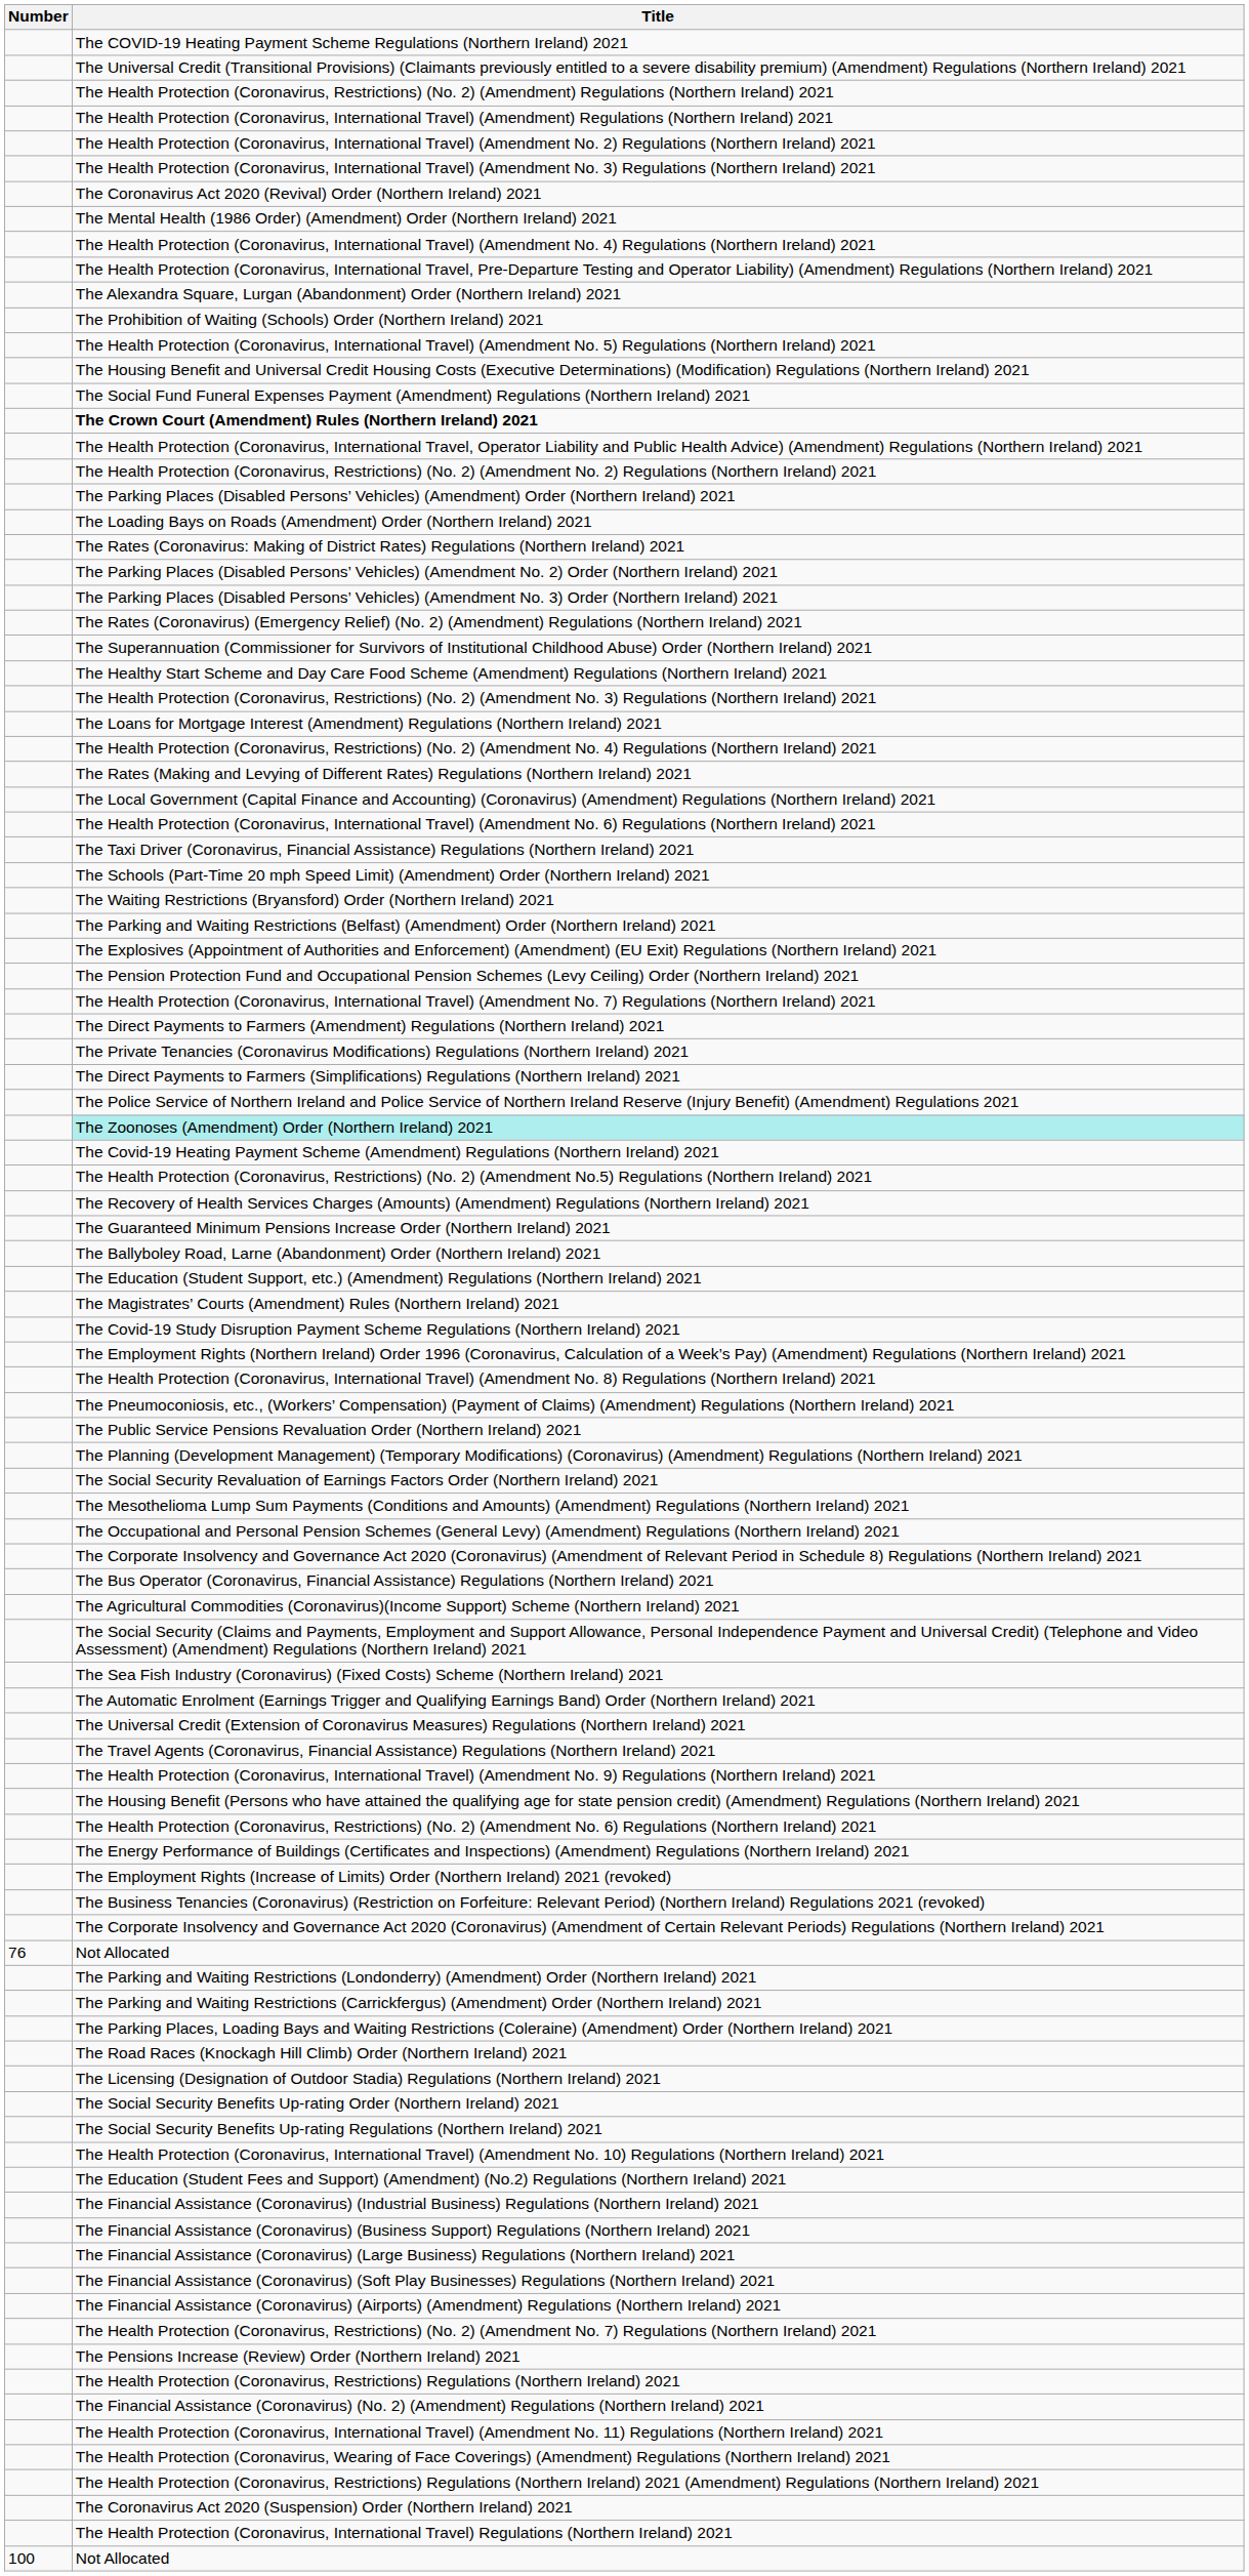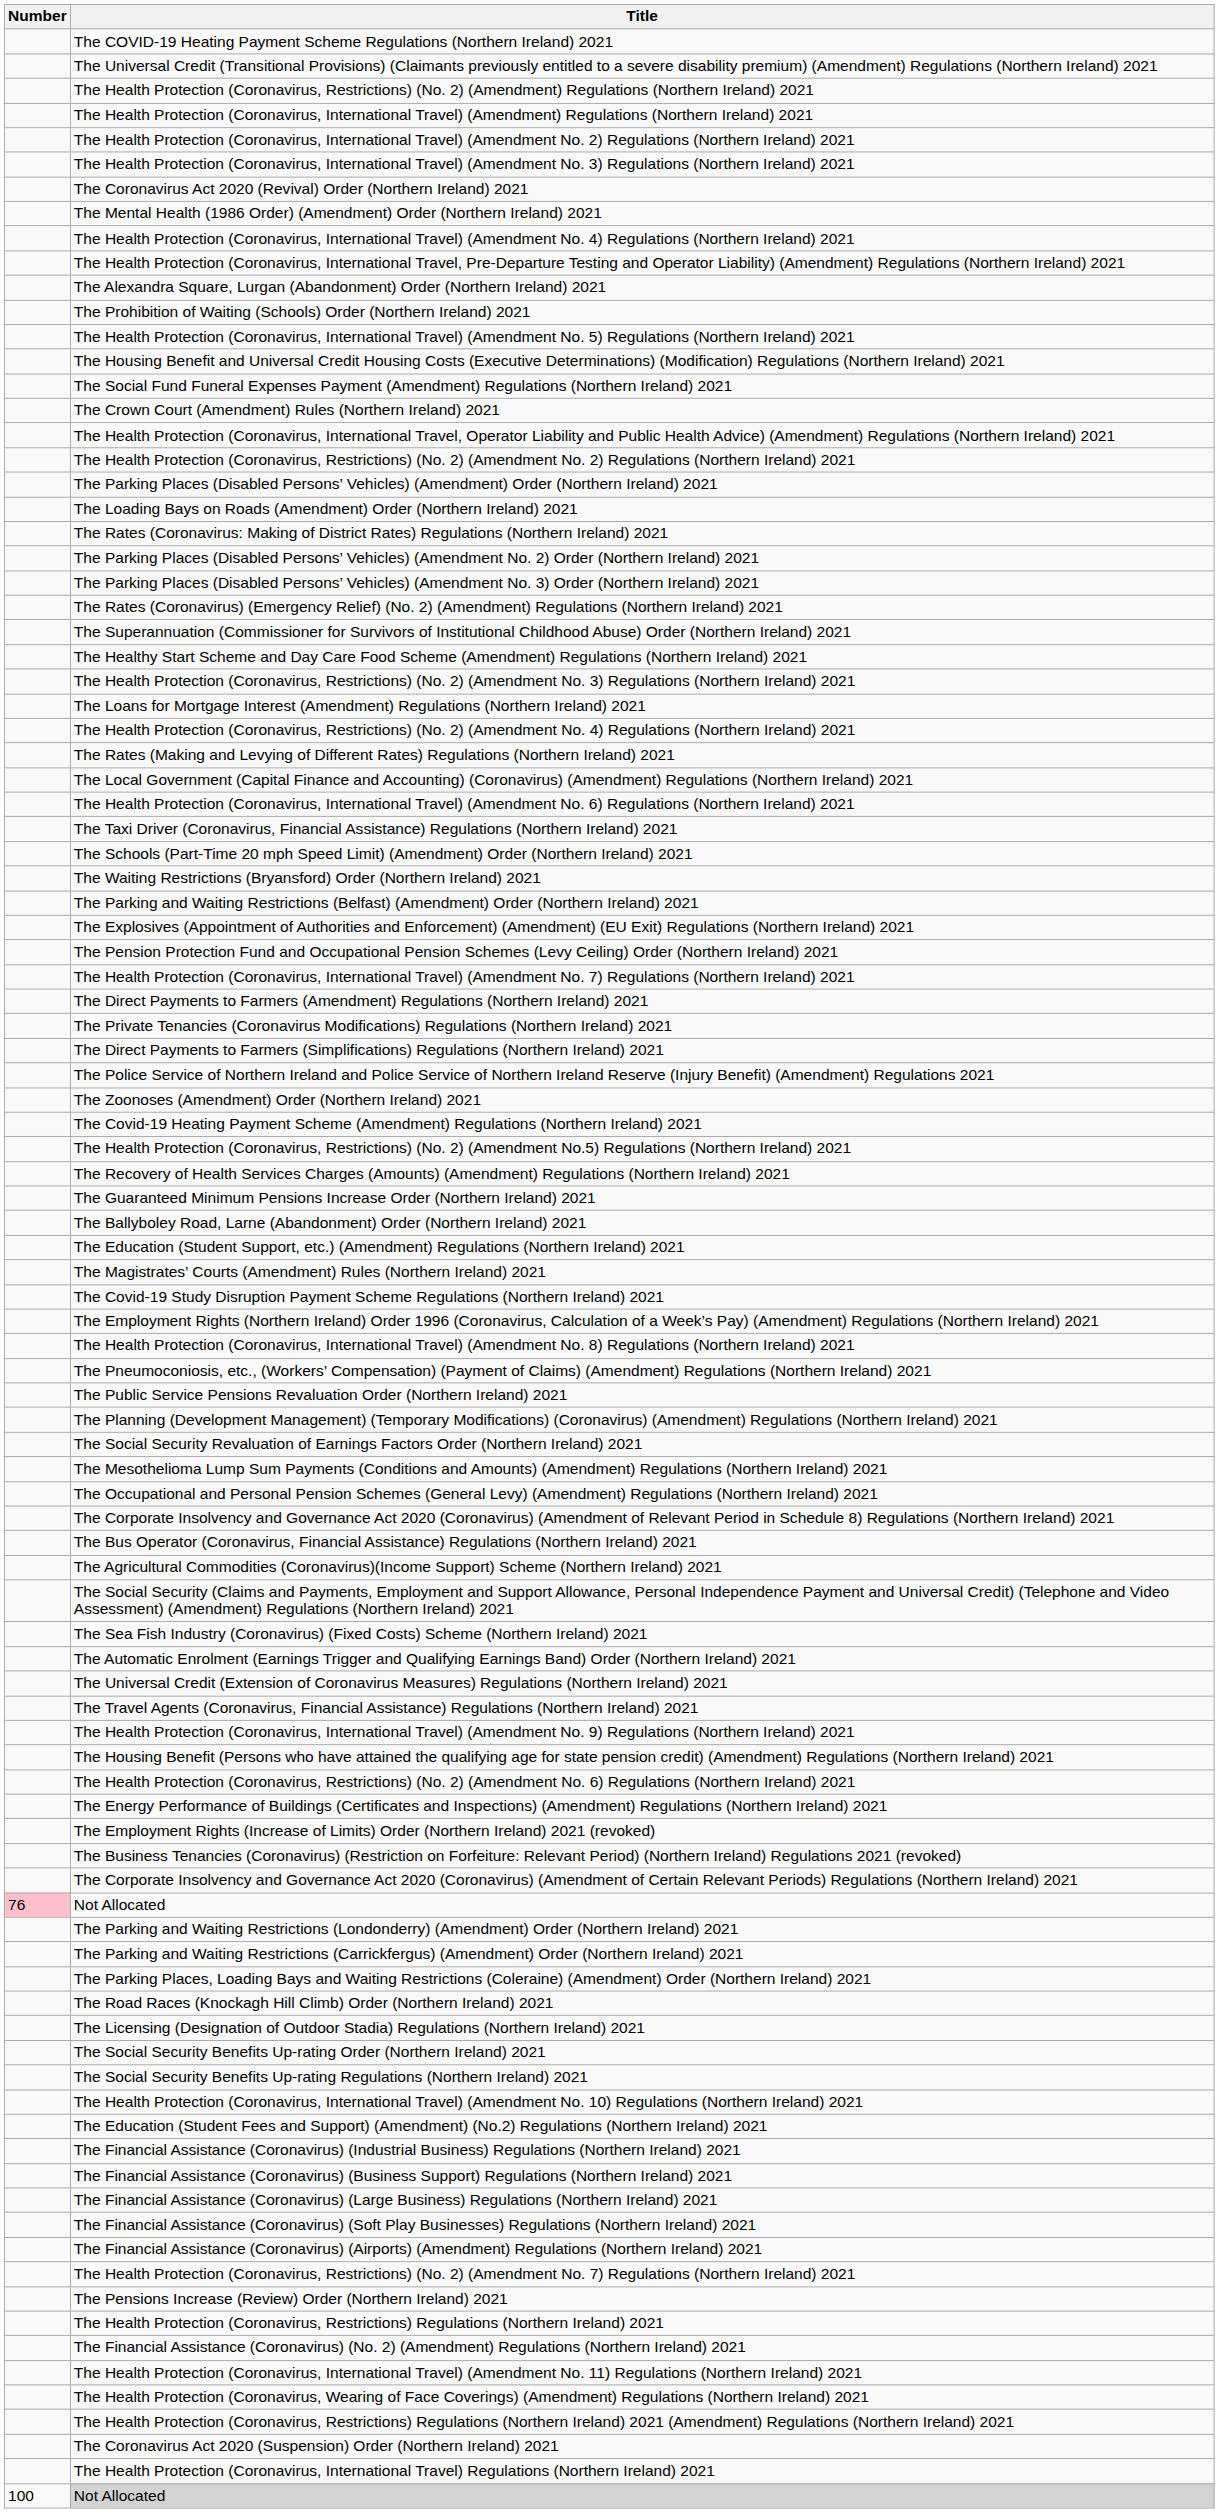 <table class="wikitable collapsible">
 <tr>
 <th>Number</th>
 <th>Title</th>
 </tr>
 <tr>
 <td></td>
 <td>The COVID-19 Heating Payment Scheme Regulations (Northern Ireland) 2021</td>
 </tr>
 <tr>
 <td></td>
 <td>The Universal Credit (Transitional Provisions) (Claimants previously entitled to a severe disability premium) (Amendment) Regulations (Northern Ireland) 2021</td>
 </tr>
 <tr>
 <td></td>
 <td>The Health Protection (Coronavirus, Restrictions) (No. 2) (Amendment) Regulations (Northern Ireland) 2021</td>
 </tr>
 <tr>
 <td></td>
 <td>The Health Protection (Coronavirus, International Travel) (Amendment) Regulations (Northern Ireland) 2021</td>
 </tr>
 <tr>
 <td></td>
 <td>The Health Protection (Coronavirus, International Travel) (Amendment No. 2) Regulations (Northern Ireland) 2021</td>
 </tr>
 <tr>
 <td></td>
 <td>The Health Protection (Coronavirus, International Travel) (Amendment No. 3) Regulations (Northern Ireland) 2021</td>
 </tr>
 <tr>
 <td></td>
 <td>The Coronavirus Act 2020 (Revival) Order (Northern Ireland) 2021</td>
 </tr>
 <tr>
 <td></td>
 <td>The Mental Health (1986 Order) (Amendment) Order (Northern Ireland) 2021</td>
 </tr>
 <tr>
 <td></td>
 <td>The Health Protection (Coronavirus, International Travel) (Amendment No. 4) Regulations (Northern Ireland) 2021</td>
 </tr>
 <tr>
 <td></td>
 <td>The Health Protection (Coronavirus, International Travel, Pre-Departure Testing and Operator Liability) (Amendment) Regulations (Northern Ireland) 2021</td>
 </tr>
 <tr>
 <td></td>
 <td>The Alexandra Square, Lurgan (Abandonment) Order (Northern Ireland) 2021</td>
 </tr>
 <tr>
 <td></td>
 <td>The Prohibition of Waiting (Schools) Order (Northern Ireland) 2021</td>
 </tr>
 <tr>
 <td></td>
 <td>The Health Protection (Coronavirus, International Travel) (Amendment No. 5) Regulations (Northern Ireland) 2021</td>
 </tr>
 <tr>
 <td></td>
 <td>The Housing Benefit and Universal Credit Housing Costs (Executive Determinations) (Modification) Regulations (Northern Ireland) 2021</td>
 </tr>
 <tr>
 <td></td>
 <td>The Social Fund Funeral Expenses Payment (Amendment) Regulations (Northern Ireland) 2021</td>
 </tr>
 <tr>
 <td></td>
-<td><strong>The Crown Court (Amendment) Rules (Northern Ireland) 2021</strong></td>
+<td>The Crown Court (Amendment) Rules (Northern Ireland) 2021</td>
 </tr>
 <tr>
 <td></td>
 <td>The Health Protection (Coronavirus, International Travel, Operator Liability and Public Health Advice) (Amendment) Regulations (Northern Ireland) 2021</td>
 </tr>
 <tr>
 <td></td>
 <td>The Health Protection (Coronavirus, Restrictions) (No. 2) (Amendment No. 2) Regulations (Northern Ireland) 2021</td>
 </tr>
 <tr>
 <td></td>
 <td>The Parking Places (Disabled Persons’ Vehicles) (Amendment) Order (Northern Ireland) 2021</td>
 </tr>
 <tr>
 <td></td>
 <td>The Loading Bays on Roads (Amendment) Order (Northern Ireland) 2021</td>
 </tr>
 <tr>
 <td></td>
 <td>The Rates (Coronavirus: Making of District Rates) Regulations (Northern Ireland) 2021</td>
 </tr>
 <tr>
 <td></td>
 <td>The Parking Places (Disabled Persons’ Vehicles) (Amendment No. 2) Order (Northern Ireland) 2021</td>
 </tr>
 <tr>
 <td></td>
 <td>The Parking Places (Disabled Persons’ Vehicles) (Amendment No. 3) Order (Northern Ireland) 2021</td>
 </tr>
 <tr>
 <td></td>
 <td>The Rates (Coronavirus) (Emergency Relief) (No. 2) (Amendment) Regulations (Northern Ireland) 2021</td>
 </tr>
 <tr>
 <td></td>
 <td>The Superannuation (Commissioner for Survivors of Institutional Childhood Abuse) Order (Northern Ireland) 2021</td>
 </tr>
 <tr>
 <td></td>
 <td>The Healthy Start Scheme and Day Care Food Scheme (Amendment) Regulations (Northern Ireland) 2021</td>
 </tr>
 <tr>
 <td></td>
 <td>The Health Protection (Coronavirus, Restrictions) (No. 2) (Amendment No. 3) Regulations (Northern Ireland) 2021</td>
 </tr>
 <tr>
 <td></td>
 <td>The Loans for Mortgage Interest (Amendment) Regulations (Northern Ireland) 2021</td>
 </tr>
 <tr>
 <td></td>
 <td>The Health Protection (Coronavirus, Restrictions) (No. 2) (Amendment No. 4) Regulations (Northern Ireland) 2021</td>
 </tr>
 <tr>
 <td></td>
 <td>The Rates (Making and Levying of Different Rates) Regulations (Northern Ireland) 2021</td>
 </tr>
 <tr>
 <td></td>
 <td>The Local Government (Capital Finance and Accounting) (Coronavirus) (Amendment) Regulations (Northern Ireland) 2021</td>
 </tr>
 <tr>
 <td></td>
 <td>The Health Protection (Coronavirus, International Travel) (Amendment No. 6) Regulations (Northern Ireland) 2021</td>
 </tr>
 <tr>
 <td></td>
 <td>The Taxi Driver (Coronavirus, Financial Assistance) Regulations (Northern Ireland) 2021</td>
 </tr>
 <tr>
 <td></td>
 <td>The Schools (Part-Time 20 mph Speed Limit) (Amendment) Order (Northern Ireland) 2021</td>
 </tr>
 <tr>
 <td></td>
 <td>The Waiting Restrictions (Bryansford) Order (Northern Ireland) 2021</td>
 </tr>
 <tr>
 <td></td>
 <td>The Parking and Waiting Restrictions (Belfast) (Amendment) Order (Northern Ireland) 2021</td>
 </tr>
 <tr>
 <td></td>
 <td>The Explosives (Appointment of Authorities and Enforcement) (Amendment) (EU Exit) Regulations (Northern Ireland) 2021</td>
 </tr>
 <tr>
 <td></td>
 <td>The Pension Protection Fund and Occupational Pension Schemes (Levy Ceiling) Order (Northern Ireland) 2021</td>
 </tr>
 <tr>
 <td></td>
 <td>The Health Protection (Coronavirus, International Travel) (Amendment No. 7) Regulations (Northern Ireland) 2021</td>
 </tr>
 <tr>
 <td></td>
 <td>The Direct Payments to Farmers (Amendment) Regulations (Northern Ireland) 2021</td>
 </tr>
 <tr>
 <td></td>
 <td>The Private Tenancies (Coronavirus Modifications) Regulations (Northern Ireland) 2021</td>
 </tr>
 <tr>
 <td></td>
 <td>The Direct Payments to Farmers (Simplifications) Regulations (Northern Ireland) 2021</td>
 </tr>
 <tr>
 <td></td>
 <td>The Police Service of Northern Ireland and Police Service of Northern Ireland Reserve (Injury Benefit) (Amendment) Regulations 2021</td>
 </tr>
 <tr>
 <td></td>
-<td style="background: paleturquoise;">The Zoonoses (Amendment) Order (Northern Ireland) 2021</td>
+<td>The Zoonoses (Amendment) Order (Northern Ireland) 2021</td>
 </tr>
 <tr>
 <td></td>
 <td>The Covid-19 Heating Payment Scheme (Amendment) Regulations (Northern Ireland) 2021</td>
 </tr>
 <tr>
 <td></td>
 <td>The Health Protection (Coronavirus, Restrictions) (No. 2) (Amendment No.5) Regulations (Northern Ireland) 2021</td>
 </tr>
 <tr>
 <td></td>
 <td>The Recovery of Health Services Charges (Amounts) (Amendment) Regulations (Northern Ireland) 2021</td>
 </tr>
 <tr>
 <td></td>
 <td>The Guaranteed Minimum Pensions Increase Order (Northern Ireland) 2021</td>
 </tr>
 <tr>
 <td></td>
 <td>The Ballyboley Road, Larne (Abandonment) Order (Northern Ireland) 2021</td>
 </tr>
 <tr>
 <td></td>
 <td>The Education (Student Support, etc.) (Amendment) Regulations (Northern Ireland) 2021</td>
 </tr>
 <tr>
 <td></td>
 <td>The Magistrates’ Courts (Amendment) Rules (Northern Ireland) 2021</td>
 </tr>
 <tr>
 <td></td>
 <td>The Covid-19 Study Disruption Payment Scheme Regulations (Northern Ireland) 2021</td>
 </tr>
 <tr>
 <td></td>
 <td>The Employment Rights (Northern Ireland) Order 1996 (Coronavirus, Calculation of a Week’s Pay) (Amendment) Regulations (Northern Ireland) 2021</td>
 </tr>
 <tr>
 <td></td>
 <td>The Health Protection (Coronavirus, International Travel) (Amendment No. 8) Regulations (Northern Ireland) 2021</td>
 </tr>
 <tr>
 <td></td>
 <td>The Pneumoconiosis, etc., (Workers’ Compensation) (Payment of Claims) (Amendment) Regulations (Northern Ireland) 2021</td>
 </tr>
 <tr>
 <td></td>
 <td>The Public Service Pensions Revaluation Order (Northern Ireland) 2021</td>
 </tr>
 <tr>
 <td></td>
 <td>The Planning (Development Management) (Temporary Modifications) (Coronavirus) (Amendment) Regulations (Northern Ireland) 2021</td>
 </tr>
 <tr>
 <td></td>
 <td>The Social Security Revaluation of Earnings Factors Order (Northern Ireland) 2021</td>
 </tr>
 <tr>
 <td></td>
 <td>The Mesothelioma Lump Sum Payments (Conditions and Amounts) (Amendment) Regulations (Northern Ireland) 2021</td>
 </tr>
 <tr>
 <td></td>
 <td>The Occupational and Personal Pension Schemes (General Levy) (Amendment) Regulations (Northern Ireland) 2021</td>
 </tr>
 <tr>
 <td></td>
 <td>The Corporate Insolvency and Governance Act 2020 (Coronavirus) (Amendment of Relevant Period in Schedule 8) Regulations (Northern Ireland) 2021</td>
 </tr>
 <tr>
 <td></td>
 <td>The Bus Operator (Coronavirus, Financial Assistance) Regulations (Northern Ireland) 2021</td>
 </tr>
 <tr>
 <td></td>
 <td>The Agricultural Commodities (Coronavirus)(Income Support) Scheme (Northern Ireland) 2021</td>
 </tr>
 <tr>
 <td></td>
 <td>The Social Security (Claims and Payments, Employment and Support Allowance, Personal Independence Payment and Universal Credit) (Telephone and Video Assessment) (Amendment) Regulations (Northern Ireland) 2021</td>
 </tr>
 <tr>
 <td></td>
 <td>The Sea Fish Industry (Coronavirus) (Fixed Costs) Scheme (Northern Ireland) 2021</td>
 </tr>
 <tr>
 <td></td>
 <td>The Automatic Enrolment (Earnings Trigger and Qualifying Earnings Band) Order (Northern Ireland) 2021</td>
 </tr>
 <tr>
 <td></td>
 <td>The Universal Credit (Extension of Coronavirus Measures) Regulations (Northern Ireland) 2021</td>
 </tr>
 <tr>
 <td></td>
 <td>The Travel Agents (Coronavirus, Financial Assistance) Regulations (Northern Ireland) 2021</td>
 </tr>
 <tr>
 <td></td>
 <td>The Health Protection (Coronavirus, International Travel) (Amendment No. 9) Regulations (Northern Ireland) 2021</td>
 </tr>
 <tr>
 <td></td>
 <td>The Housing Benefit (Persons who have attained the qualifying age for state pension credit) (Amendment) Regulations (Northern Ireland) 2021</td>
 </tr>
 <tr>
 <td></td>
 <td>The Health Protection (Coronavirus, Restrictions) (No. 2) (Amendment No. 6) Regulations (Northern Ireland) 2021</td>
 </tr>
 <tr>
 <td></td>
 <td>The Energy Performance of Buildings (Certificates and Inspections) (Amendment) Regulations (Northern Ireland) 2021</td>
 </tr>
 <tr>
 <td></td>
 <td>The Employment Rights (Increase of Limits) Order (Northern Ireland) 2021 (revoked)</td>
 </tr>
 <tr>
 <td></td>
 <td>The Business Tenancies (Coronavirus) (Restriction on Forfeiture: Relevant Period) (Northern Ireland) Regulations 2021 (revoked)</td>
 </tr>
 <tr>
 <td></td>
 <td>The Corporate Insolvency and Governance Act 2020 (Coronavirus) (Amendment of Certain Relevant Periods) Regulations (Northern Ireland) 2021</td>
 </tr>
 <tr>
-<td>76</td>
+<td style="background: pink;">76</td>
 <td>Not Allocated</td>
 </tr>
 <tr>
 <td></td>
 <td>The Parking and Waiting Restrictions (Londonderry) (Amendment) Order (Northern Ireland) 2021</td>
 </tr>
 <tr>
 <td></td>
 <td>The Parking and Waiting Restrictions (Carrickfergus) (Amendment) Order (Northern Ireland) 2021</td>
 </tr>
 <tr>
 <td></td>
 <td>The Parking Places, Loading Bays and Waiting Restrictions (Coleraine) (Amendment) Order (Northern Ireland) 2021</td>
 </tr>
 <tr>
 <td></td>
 <td>The Road Races (Knockagh Hill Climb) Order (Northern Ireland) 2021</td>
 </tr>
 <tr>
 <td></td>
 <td>The Licensing (Designation of Outdoor Stadia) Regulations (Northern Ireland) 2021</td>
 </tr>
 <tr>
 <td></td>
 <td>The Social Security Benefits Up-rating Order (Northern Ireland) 2021</td>
 </tr>
 <tr>
 <td></td>
 <td>The Social Security Benefits Up-rating Regulations (Northern Ireland) 2021</td>
 </tr>
 <tr>
 <td></td>
 <td>The Health Protection (Coronavirus, International Travel) (Amendment No. 10) Regulations (Northern Ireland) 2021</td>
 </tr>
 <tr>
 <td></td>
 <td>The Education (Student Fees and Support) (Amendment) (No.2) Regulations (Northern Ireland) 2021</td>
 </tr>
 <tr>
 <td></td>
 <td>The Financial Assistance (Coronavirus) (Industrial Business) Regulations (Northern Ireland) 2021</td>
 </tr>
 <tr>
 <td></td>
 <td>The Financial Assistance (Coronavirus) (Business Support) Regulations (Northern Ireland) 2021</td>
 </tr>
 <tr>
 <td></td>
 <td>The Financial Assistance (Coronavirus) (Large Business) Regulations (Northern Ireland) 2021</td>
 </tr>
 <tr>
 <td></td>
 <td>The Financial Assistance (Coronavirus) (Soft Play Businesses) Regulations (Northern Ireland) 2021</td>
 </tr>
 <tr>
 <td></td>
 <td>The Financial Assistance (Coronavirus) (Airports) (Amendment) Regulations (Northern Ireland) 2021</td>
 </tr>
 <tr>
 <td></td>
 <td>The Health Protection (Coronavirus, Restrictions) (No. 2) (Amendment No. 7) Regulations (Northern Ireland) 2021</td>
 </tr>
 <tr>
 <td></td>
 <td>The Pensions Increase (Review) Order (Northern Ireland) 2021</td>
 </tr>
 <tr>
 <td></td>
 <td>The Health Protection (Coronavirus, Restrictions) Regulations (Northern Ireland) 2021</td>
 </tr>
 <tr>
 <td></td>
 <td>The Financial Assistance (Coronavirus) (No. 2) (Amendment) Regulations (Northern Ireland) 2021</td>
 </tr>
 <tr>
 <td></td>
 <td>The Health Protection (Coronavirus, International Travel) (Amendment No. 11) Regulations (Northern Ireland) 2021</td>
 </tr>
 <tr>
 <td></td>
 <td>The Health Protection (Coronavirus, Wearing of Face Coverings) (Amendment) Regulations (Northern Ireland) 2021</td>
 </tr>
 <tr>
 <td></td>
 <td>The Health Protection (Coronavirus, Restrictions) Regulations (Northern Ireland) 2021 (Amendment) Regulations (Northern Ireland) 2021</td>
 </tr>
 <tr>
 <td></td>
 <td>The Coronavirus Act 2020 (Suspension) Order (Northern Ireland) 2021</td>
 </tr>
 <tr>
 <td></td>
 <td>The Health Protection (Coronavirus, International Travel) Regulations (Northern Ireland) 2021</td>
 </tr>
 <tr>
 <td>100</td>
-<td>Not Allocated</td>
+<td style="background: lightgrey;">Not Allocated</td>
 </tr>
 </table>
